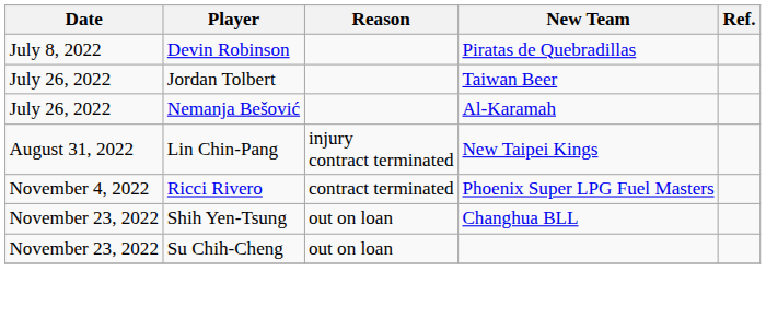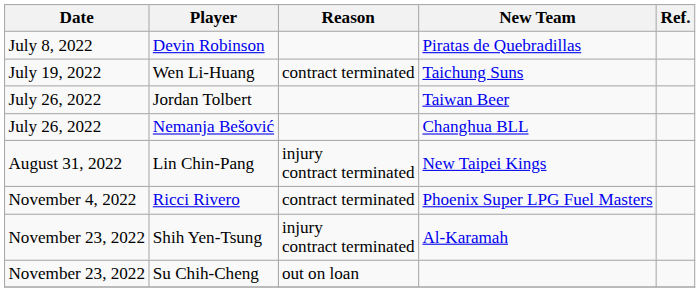 <table class="wikitable">
 <tr>
 <th>Date</th>
 <th>Player</th>
 <th>Reason</th>
 <th>New Team</th>
 <th>Ref.</th>
 </tr>
 <tr>
 <td>July 8, 2022</td>
 <td><a href='#'>Devin Robinson</a></td>
 <td></td>
 <td><a href='#'>Piratas de Quebradillas</a></td>
 <td></td>
 </tr>
 <tr>
+<td>July 19, 2022</td>
+<td>Wen Li-Huang</td>
+<td>contract terminated</td>
+<td><a href='#'>Taichung Suns</a></td>
+<td></td>
+</tr>
+<tr>
 <td>July 26, 2022</td>
 <td>Jordan Tolbert</td>
 <td></td>
 <td><a href='#'>Taiwan Beer</a></td>
 <td></td>
 </tr>
 <tr>
 <td>July 26, 2022</td>
 <td><a href='#'>Nemanja Bešović</a></td>
 <td></td>
-<td><a href='#'>Al-Karamah</a></td>
+<td><a href='#'>Changhua BLL</a></td>
 <td></td>
 </tr>
 <tr>
 <td>August 31, 2022</td>
 <td>Lin Chin-Pang</td>
 <td>injury<br>contract terminated</td>
 <td><a href='#'>New Taipei Kings</a></td>
 <td></td>
 </tr>
 <tr>
 <td>November 4, 2022</td>
 <td><a href='#'>Ricci Rivero</a></td>
 <td>contract terminated</td>
 <td><a href='#'>Phoenix Super LPG Fuel Masters</a></td>
 <td></td>
 </tr>
 <tr>
 <td>November 23, 2022</td>
 <td>Shih Yen-Tsung</td>
-<td>out on loan</td>
-<td><a href='#'>Changhua BLL</a></td>
+<td>injury<br>contract terminated</td>
+<td><a href='#'>Al-Karamah</a></td>
 <td></td>
 </tr>
 <tr>
 <td>November 23, 2022</td>
 <td>Su Chih-Cheng</td>
 <td>out on loan</td>
 <td></td>
 <td></td>
 </tr>
 <tr>
 </tr>
 </table>
